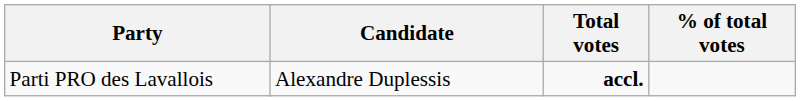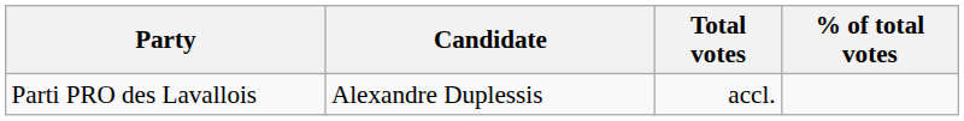 <table style="width:600px;" class="wikitable">
 <tr style="background-color:#E9E9E9">
 <th colspan="2" style="width: 200px">Party</th>
 <th colspan="1" style="width: 200px">Candidate</th>
 <th align="right">Total votes</th>
 <th align="right">% of total votes</th>
 </tr>
 <tr>
 <td colspan="2" align="left">Parti PRO des Lavallois</td>
 <td align="left">Alexandre Duplessis</td>
-<td align="right"><strong>accl.</strong></td>
+<td align="right">accl.</td>
 <td align="right"></td>
 </tr>
 </table>
